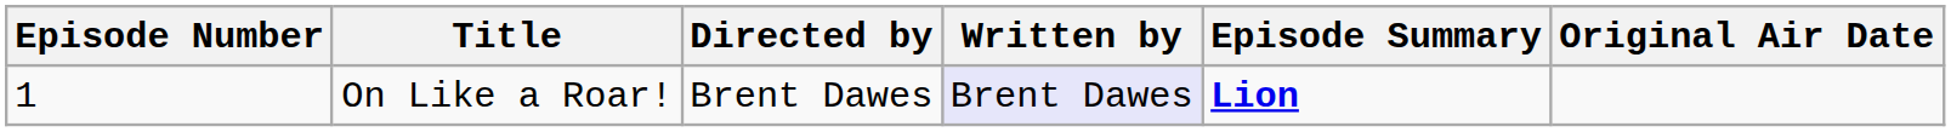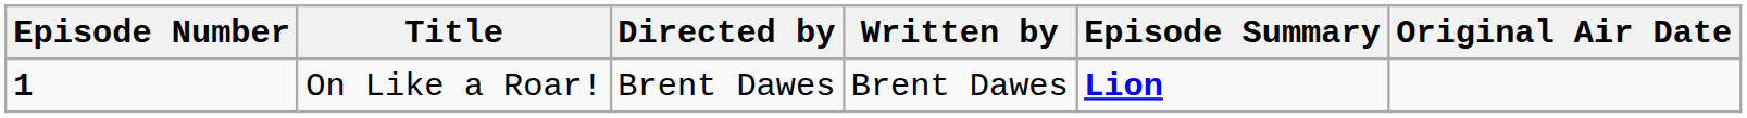 <table class="wikitable">
 <tr>
 <th>Episode Number</th>
 <th>Title</th>
 <th>Directed by</th>
 <th>Written by</th>
 <th>Episode Summary</th>
 <th>Original Air Date</th>
 </tr>
 <tr>
-<td>1</td>
+<td><strong>1</strong></td>
 <td>On Like a Roar!</td>
 <td>Brent Dawes</td>
-<td style="background: lavender;">Brent Dawes</td>
+<td>Brent Dawes</td>
 <td><strong><a href='#'>Lion</a></strong></td>
 </tr>
 </table>
